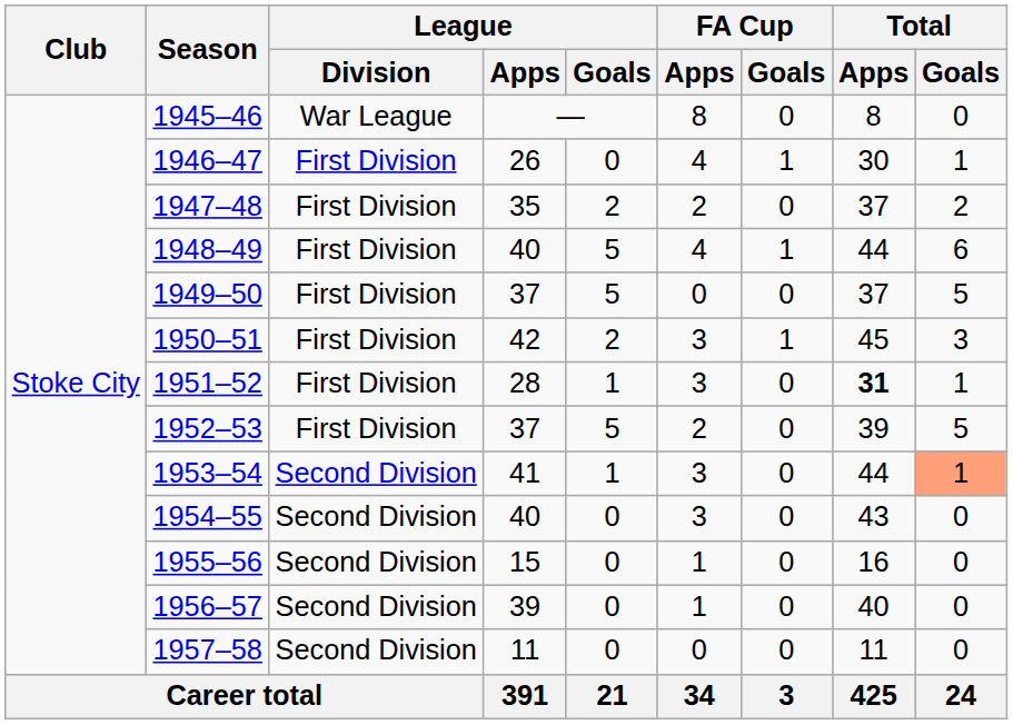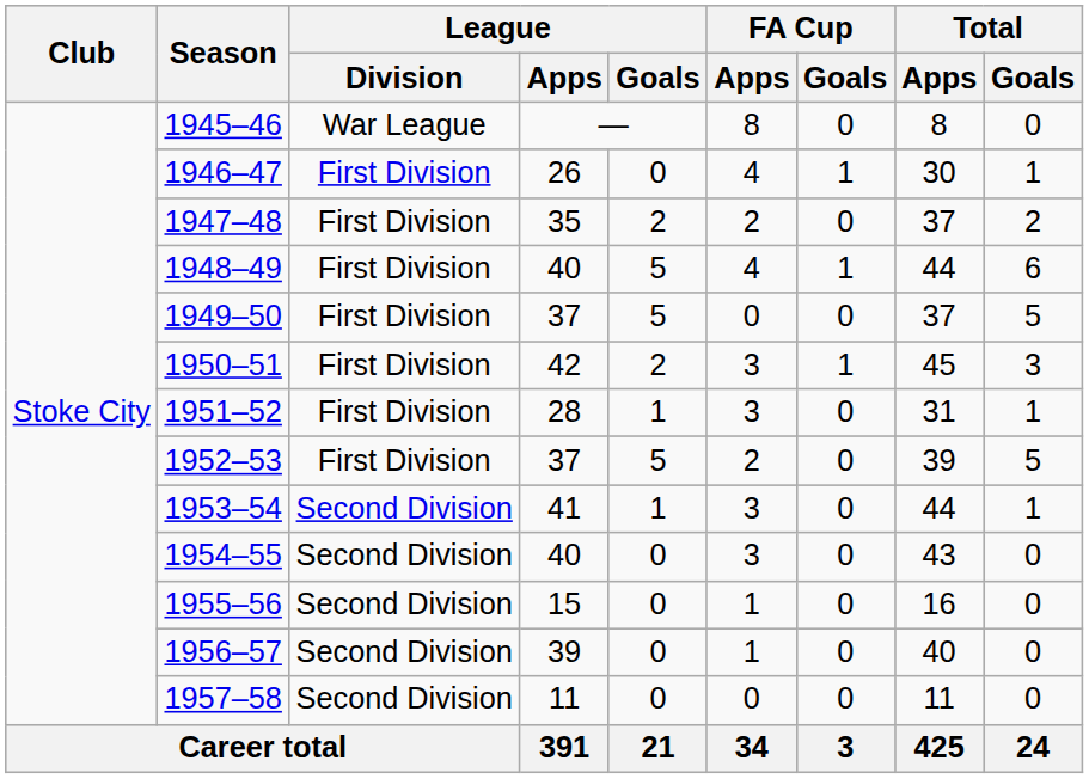 <table class="wikitable" style="text-align: center;">
 <tr>
 <th rowspan="2">Club</th>
 <th rowspan="2">Season</th>
 <th colspan="3">League</th>
 <th colspan="2">FA Cup</th>
 <th colspan="2">Total</th>
 </tr>
 <tr>
 <th>Division</th>
 <th>Apps</th>
 <th>Goals</th>
 <th>Apps</th>
 <th>Goals</th>
 <th>Apps</th>
 <th>Goals</th>
 </tr>
 <tr>
 <td rowspan="13"><a href='#'>Stoke City</a></td>
 <td><a href='#'>1945–46</a></td>
 <td>War League</td>
 <td colspan="2">—</td>
 <td>8</td>
 <td>0</td>
 <td>8</td>
 <td>0</td>
 </tr>
 <tr>
 <td><a href='#'>1946–47</a></td>
 <td><a href='#'>First Division</a></td>
 <td>26</td>
 <td>0</td>
 <td>4</td>
 <td>1</td>
 <td>30</td>
 <td>1</td>
 </tr>
 <tr>
 <td><a href='#'>1947–48</a></td>
 <td>First Division</td>
 <td>35</td>
 <td>2</td>
 <td>2</td>
 <td>0</td>
 <td>37</td>
 <td>2</td>
 </tr>
 <tr>
 <td><a href='#'>1948–49</a></td>
 <td>First Division</td>
 <td>40</td>
 <td>5</td>
 <td>4</td>
 <td>1</td>
 <td>44</td>
 <td>6</td>
 </tr>
 <tr>
 <td><a href='#'>1949–50</a></td>
 <td>First Division</td>
 <td>37</td>
 <td>5</td>
 <td>0</td>
 <td>0</td>
 <td>37</td>
 <td>5</td>
 </tr>
 <tr>
 <td><a href='#'>1950–51</a></td>
 <td>First Division</td>
 <td>42</td>
 <td>2</td>
 <td>3</td>
 <td>1</td>
 <td>45</td>
 <td>3</td>
 </tr>
 <tr>
 <td><a href='#'>1951–52</a></td>
 <td>First Division</td>
 <td>28</td>
 <td>1</td>
 <td>3</td>
 <td>0</td>
-<td><strong>31</strong></td>
+<td>31</td>
 <td>1</td>
 </tr>
 <tr>
 <td><a href='#'>1952–53</a></td>
 <td>First Division</td>
 <td>37</td>
 <td>5</td>
 <td>2</td>
 <td>0</td>
 <td>39</td>
 <td>5</td>
 </tr>
 <tr>
 <td><a href='#'>1953–54</a></td>
 <td><a href='#'>Second Division</a></td>
 <td>41</td>
 <td>1</td>
 <td>3</td>
 <td>0</td>
 <td>44</td>
-<td style="background: lightsalmon;">1</td>
+<td>1</td>
 </tr>
 <tr>
 <td><a href='#'>1954–55</a></td>
 <td>Second Division</td>
 <td>40</td>
 <td>0</td>
 <td>3</td>
 <td>0</td>
 <td>43</td>
 <td>0</td>
 </tr>
 <tr>
 <td><a href='#'>1955–56</a></td>
 <td>Second Division</td>
 <td>15</td>
 <td>0</td>
 <td>1</td>
 <td>0</td>
 <td>16</td>
 <td>0</td>
 </tr>
 <tr>
 <td><a href='#'>1956–57</a></td>
 <td>Second Division</td>
 <td>39</td>
 <td>0</td>
 <td>1</td>
 <td>0</td>
 <td>40</td>
 <td>0</td>
 </tr>
 <tr>
 <td><a href='#'>1957–58</a></td>
 <td>Second Division</td>
 <td>11</td>
 <td>0</td>
 <td>0</td>
 <td>0</td>
 <td>11</td>
 <td>0</td>
 </tr>
 <tr>
 <th colspan="3">Career total</th>
 <th>391</th>
 <th>21</th>
 <th>34</th>
 <th>3</th>
 <th>425</th>
 <th>24</th>
 </tr>
 </table>
